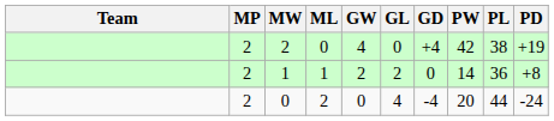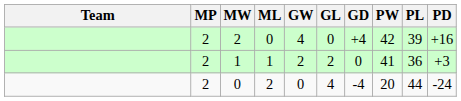 <table class=wikitable style="text-align:center">
 <tr>
 <th width=200>Team</th>
 <th width=20>MP</th>
 <th width=20>MW</th>
 <th width=20>ML</th>
 <th width=20>GW</th>
 <th width=20>GL</th>
 <th width=20>GD</th>
 <th width=20>PW</th>
 <th width=20>PL</th>
 <th width=20>PD</th>
 </tr>
 <tr style="background:#cfc;">
 <td align=left><br></td>
 <td>2</td>
 <td>2</td>
 <td>0</td>
 <td>4</td>
 <td>0</td>
 <td>+4</td>
 <td>42</td>
-<td>38</td>
-<td>+19</td>
+<td>39</td>
+<td>+16</td>
 </tr>
 <tr style="background:#cfc;">
 <td align=left><br></td>
 <td>2</td>
 <td>1</td>
 <td>1</td>
 <td>2</td>
 <td>2</td>
 <td>0</td>
-<td>14</td>
+<td>41</td>
 <td>36</td>
-<td>+8</td>
+<td>+3</td>
 </tr>
 <tr>
 <td align=left><br></td>
 <td>2</td>
 <td>0</td>
 <td>2</td>
 <td>0</td>
 <td>4</td>
 <td>-4</td>
 <td>20</td>
 <td>44</td>
 <td>-24</td>
 </tr>
 </table>
